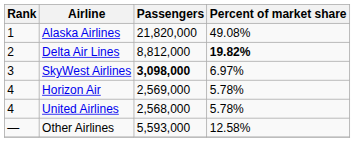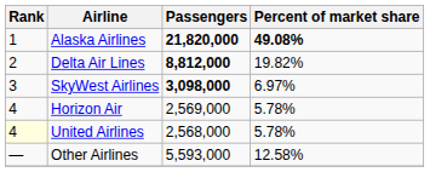 <table class="wikitable" style="font-size: 95%">
 <tr>
 <th>Rank</th>
 <th>Airline</th>
 <th>Passengers</th>
 <th>Percent of market share</th>
 </tr>
 <tr>
 <td>1</td>
 <td><a href='#'>Alaska Airlines</a></td>
-<td>21,820,000</td>
-<td>49.08%</td>
+<td><strong>21,820,000</strong></td>
+<td><strong>49.08%</strong></td>
 </tr>
 <tr>
 <td>2</td>
 <td><a href='#'>Delta Air Lines</a></td>
-<td>8,812,000</td>
-<td><strong>19.82%</strong></td>
+<td><strong>8,812,000</strong></td>
+<td>19.82%</td>
 </tr>
 <tr>
 <td>3</td>
 <td><a href='#'>SkyWest Airlines</a></td>
 <td><strong>3,098,000</strong></td>
 <td>6.97%</td>
 </tr>
 <tr>
 <td>4</td>
 <td><a href='#'>Horizon Air</a></td>
 <td>2,569,000</td>
 <td>5.78%</td>
 </tr>
 <tr>
-<td>4</td>
+<td style="background: lightyellow;">4</td>
 <td><a href='#'>United Airlines</a></td>
 <td>2,568,000</td>
 <td>5.78%</td>
 </tr>
 <tr>
 <td>—</td>
 <td>Other Airlines</td>
 <td>5,593,000</td>
 <td>12.58%</td>
 </tr>
 <tr>
 </tr>
 </table>
